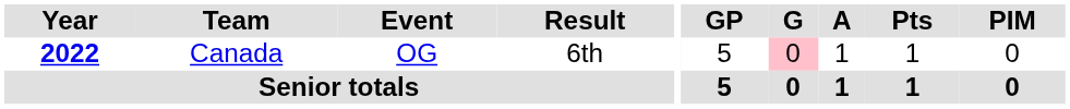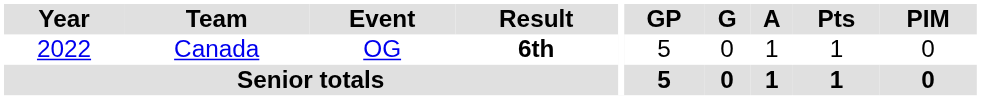 <table border="0" cellpadding="1" cellspacing="0" ID="Table3" style="text-align:center; width:40em">
 <tr ALIGN="center" bgcolor="#e0e0e0">
 <th>Year</th>
 <th>Team</th>
 <th>Event</th>
 <th>Result</th>
 <th rowspan="99" bgcolor="#ffffff"></th>
 <th>GP</th>
 <th>G</th>
 <th>A</th>
 <th>Pts</th>
 <th>PIM</th>
 </tr>
 <tr>
-<td><strong><a href='#'>2022</a></strong></td>
+<td><a href='#'>2022</a></td>
 <td><a href='#'>Canada</a></td>
 <td><a href='#'>OG</a></td>
-<td>6th</td>
+<td><strong>6th</strong></td>
 <td>5</td>
-<td style="background: pink;">0</td>
+<td>0</td>
 <td>1</td>
 <td>1</td>
 <td>0</td>
 </tr>
 <tr bgcolor="#e0e0e0">
 <th colspan=4>Senior totals</th>
 <th>5</th>
 <th>0</th>
 <th>1</th>
 <th>1</th>
 <th>0</th>
 </tr>
 </table>
